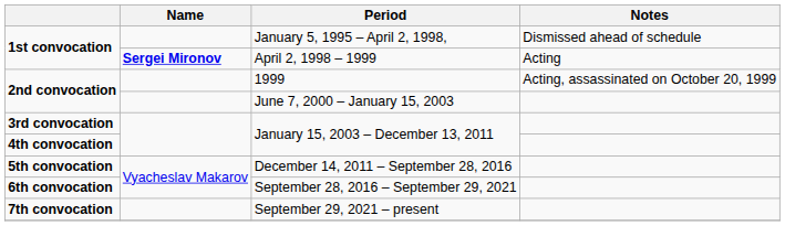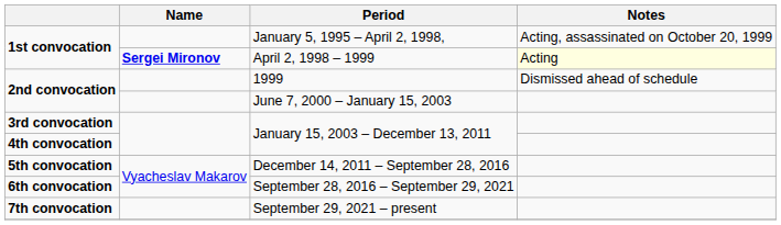 <table class="wikitable">
 <tr>
 <th></th>
 <th>Name</th>
 <th>Period</th>
 <th>Notes</th>
 </tr>
 <tr>
 <td rowspan=2><strong>1st convocation</strong></td>
 <td></td>
 <td>January 5, 1995 – April 2, 1998,</td>
-<td>Dismissed ahead of schedule</td>
+<td>Acting, assassinated on October 20, 1999</td>
 </tr>
 <tr>
 <td><strong><a href='#'>Sergei Mironov</a></strong></td>
 <td>April 2, 1998 – 1999</td>
-<td>Acting</td>
+<td style="background: lightyellow;">Acting</td>
 </tr>
 <tr>
 <td rowspan=2><strong>2nd convocation</strong></td>
 <td></td>
 <td>1999</td>
-<td>Acting, assassinated on October 20, 1999</td>
+<td>Dismissed ahead of schedule</td>
 </tr>
 <tr>
 <td></td>
 <td>June 7, 2000 – January 15, 2003</td>
 <td></td>
 </tr>
 <tr>
 <td><strong>3rd convocation</strong></td>
 <td rowspan=2></td>
 <td rowspan=2>January 15, 2003 – December 13, 2011</td>
 <td></td>
 </tr>
 <tr>
 <td><strong>4th convocation</strong></td>
 </tr>
 <tr>
 <td><strong>5th convocation</strong></td>
 <td rowspan=2><a href='#'>Vyacheslav Makarov</a></td>
 <td>December 14, 2011 – September 28, 2016</td>
 <td></td>
 </tr>
 <tr>
 <td><strong>6th convocation</strong></td>
 <td>September 28, 2016 – September 29, 2021</td>
 <td></td>
 </tr>
 <tr>
 <td><strong>7th convocation</strong></td>
 <td></td>
 <td>September 29, 2021 – present</td>
 <td></td>
 </tr>
 <tr>
 </tr>
 </table>
